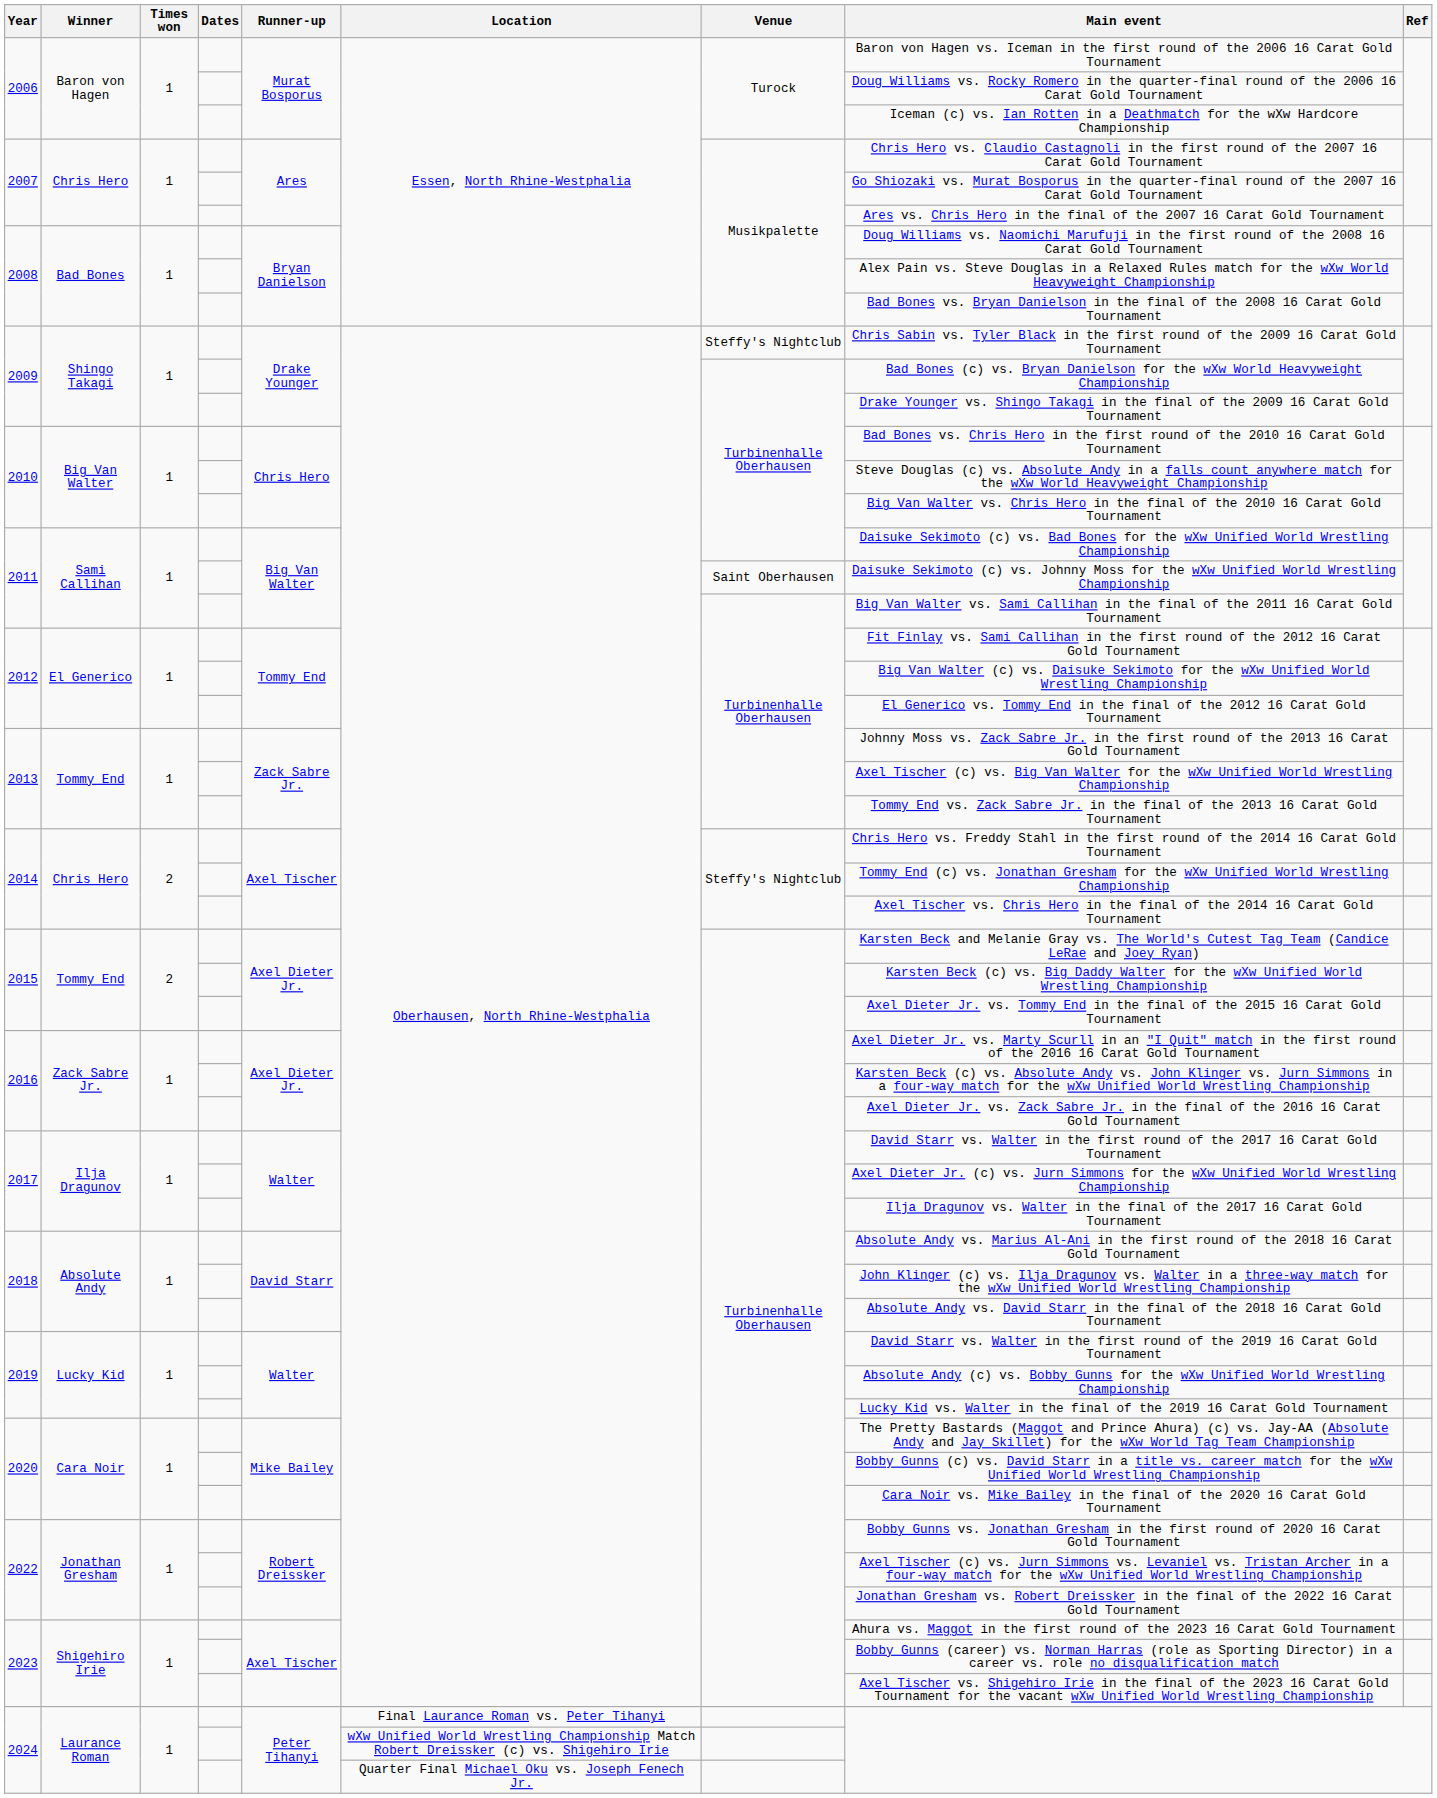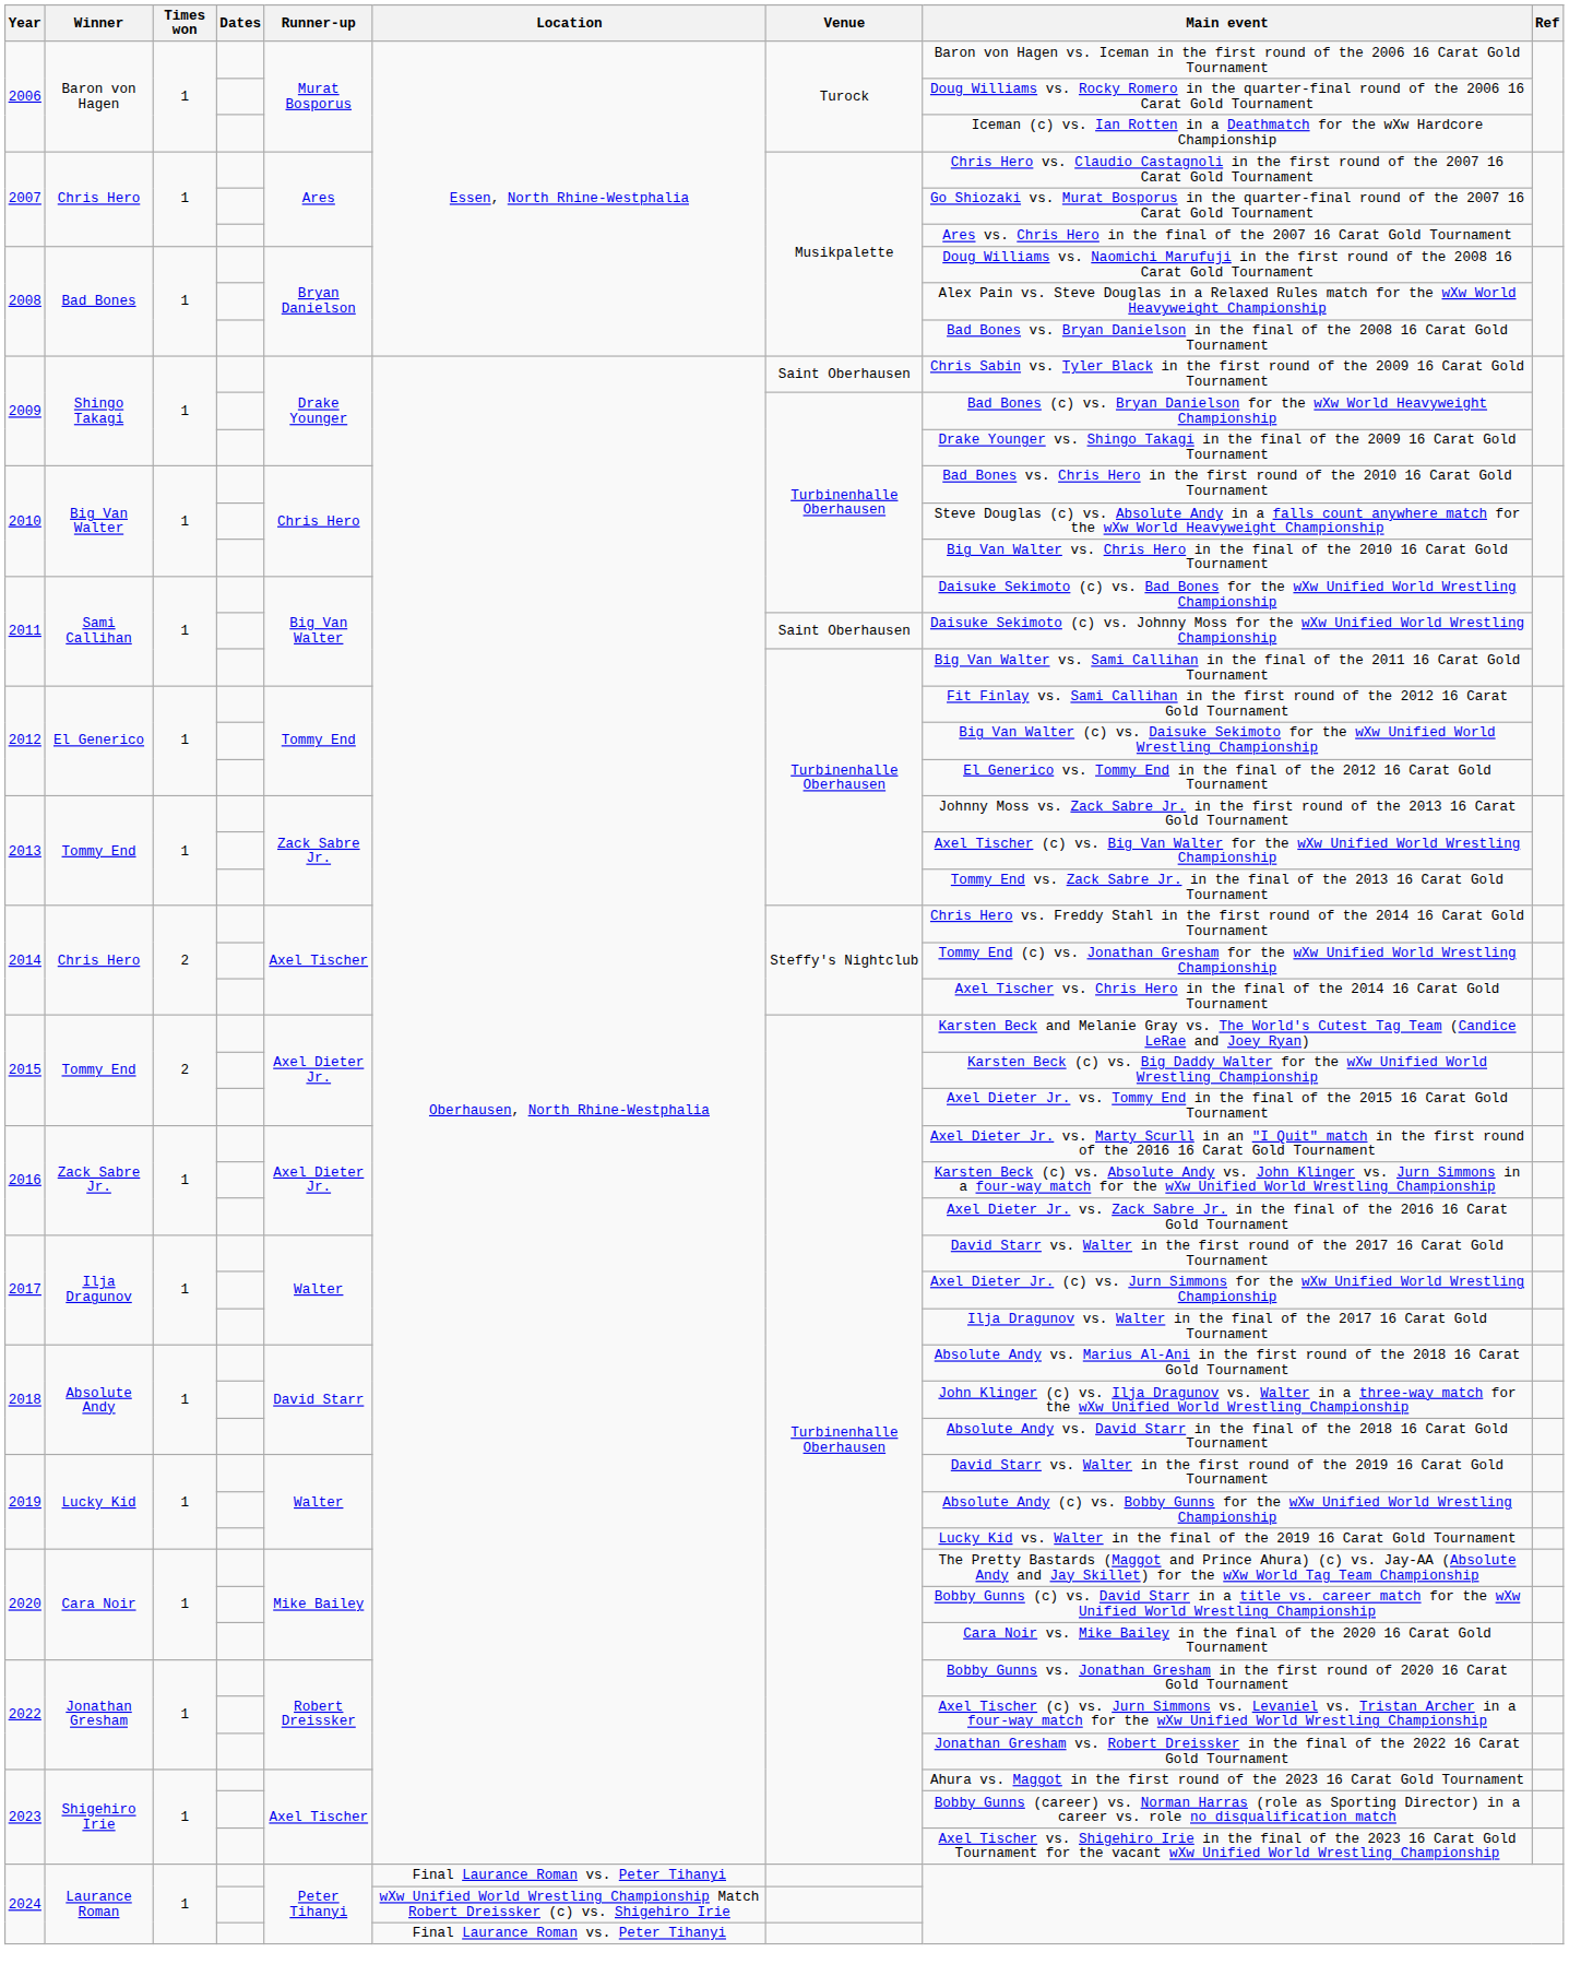 <table class="sortable wikitable succession-box" style="font-size:85%; text-align:center;">
 <tr>
 <th>Year</th>
 <th>Winner</th>
 <th>Times won</th>
 <th>Dates</th>
 <th>Runner-up</th>
 <th>Location</th>
 <th>Venue</th>
 <th>Main event</th>
 <th>Ref</th>
 </tr>
 <tr>
 <td rowspan="3"><a href='#'>2006</a></td>
 <td rowspan="3">Baron von Hagen</td>
 <td rowspan="3">1</td>
 <td></td>
 <td rowspan="3"><a href='#'>Murat Bosporus</a></td>
 <td rowspan="9"><a href='#'>Essen</a>, <a href='#'>North Rhine-Westphalia</a></td>
 <td rowspan="3">Turock</td>
 <td>Baron von Hagen vs. Iceman in the first round of the 2006 16 Carat Gold Tournament</td>
 <td rowspan="3"></td>
 </tr>
 <tr>
 <td></td>
 <td><a href='#'>Doug Williams</a> vs. <a href='#'>Rocky Romero</a> in the quarter-final round of the 2006 16 Carat Gold Tournament</td>
 </tr>
 <tr>
 <td></td>
 <td>Iceman (c) vs. <a href='#'>Ian Rotten</a> in a <a href='#'>Deathmatch</a> for the wXw Hardcore Championship</td>
 </tr>
 <tr>
 <td rowspan="3"><a href='#'>2007</a></td>
 <td rowspan="3"><a href='#'>Chris Hero</a></td>
 <td rowspan="3">1</td>
 <td></td>
 <td rowspan="3"><a href='#'>Ares</a></td>
 <td rowspan="6">Musikpalette</td>
 <td><a href='#'>Chris Hero</a> vs. <a href='#'>Claudio Castagnoli</a> in the first round of the 2007 16 Carat Gold Tournament</td>
 <td rowspan="3"></td>
 </tr>
 <tr>
 <td></td>
 <td><a href='#'>Go Shiozaki</a> vs. <a href='#'>Murat Bosporus</a> in the quarter-final round of the 2007 16 Carat Gold Tournament</td>
 </tr>
 <tr>
 <td></td>
 <td><a href='#'>Ares</a> vs. <a href='#'>Chris Hero</a> in the final of the 2007 16 Carat Gold Tournament</td>
 </tr>
 <tr>
 <td rowspan="3"><a href='#'>2008</a></td>
 <td rowspan="3"><a href='#'>Bad Bones</a></td>
 <td rowspan="3">1</td>
 <td></td>
 <td rowspan="3"><a href='#'>Bryan Danielson</a></td>
 <td><a href='#'>Doug Williams</a> vs. <a href='#'>Naomichi Marufuji</a> in the first round of the 2008 16 Carat Gold Tournament</td>
 <td rowspan="3"></td>
 </tr>
 <tr>
 <td></td>
 <td>Alex Pain vs. Steve Douglas in a Relaxed Rules match for the <a href='#'>wXw World Heavyweight Championship</a></td>
 </tr>
 <tr>
 <td></td>
 <td><a href='#'>Bad Bones</a> vs. <a href='#'>Bryan Danielson</a> in the final of the 2008 16 Carat Gold Tournament</td>
 </tr>
 <tr>
 <td rowspan="3"><a href='#'>2009</a></td>
 <td rowspan="3"><a href='#'>Shingo Takagi</a></td>
 <td rowspan="3">1</td>
 <td></td>
 <td rowspan="3"><a href='#'>Drake Younger</a></td>
 <td rowspan="42"><a href='#'>Oberhausen</a>, <a href='#'>North Rhine-Westphalia</a></td>
-<td>Steffy's Nightclub</td>
+<td>Saint Oberhausen</td>
 <td><a href='#'>Chris Sabin</a> vs. <a href='#'>Tyler Black</a> in the first round of the 2009 16 Carat Gold Tournament</td>
 <td rowspan="3"></td>
 </tr>
 <tr>
 <td></td>
 <td rowspan="6"><a href='#'>Turbinenhalle Oberhausen</a></td>
 <td><a href='#'>Bad Bones</a> (c) vs. <a href='#'>Bryan Danielson</a> for the <a href='#'>wXw World Heavyweight Championship</a></td>
 </tr>
 <tr>
 <td></td>
 <td><a href='#'>Drake Younger</a> vs. <a href='#'>Shingo Takagi</a> in the final of the 2009 16 Carat Gold Tournament</td>
 </tr>
 <tr>
 <td rowspan="3"><a href='#'>2010</a></td>
 <td rowspan="3"><a href='#'>Big Van Walter</a></td>
 <td rowspan="3">1</td>
 <td></td>
 <td rowspan="3"><a href='#'>Chris Hero</a></td>
 <td><a href='#'>Bad Bones</a> vs. <a href='#'>Chris Hero</a> in the first round of the 2010 16 Carat Gold Tournament</td>
 <td rowspan="3"></td>
 </tr>
 <tr>
 <td></td>
 <td>Steve Douglas (c) vs. <a href='#'>Absolute Andy</a> in a <a href='#'>falls count anywhere match</a> for the <a href='#'>wXw World Heavyweight Championship</a></td>
 </tr>
 <tr>
 <td></td>
 <td><a href='#'>Big Van Walter</a> vs. <a href='#'>Chris Hero</a> in the final of the 2010 16 Carat Gold Tournament</td>
 </tr>
 <tr>
 <td rowspan="3"><a href='#'>2011</a></td>
 <td rowspan="3"><a href='#'>Sami Callihan</a></td>
 <td rowspan="3">1</td>
 <td></td>
 <td rowspan="3"><a href='#'>Big Van Walter</a></td>
 <td><a href='#'>Daisuke Sekimoto</a> (c) vs. <a href='#'>Bad Bones</a> for the <a href='#'>wXw Unified World Wrestling Championship</a></td>
 <td rowspan="3"></td>
 </tr>
 <tr>
 <td></td>
 <td>Saint Oberhausen</td>
 <td><a href='#'>Daisuke Sekimoto</a> (c) vs. Johnny Moss for the <a href='#'>wXw Unified World Wrestling Championship</a></td>
 </tr>
 <tr>
 <td></td>
 <td rowspan="7"><a href='#'>Turbinenhalle Oberhausen</a></td>
 <td><a href='#'>Big Van Walter</a> vs. <a href='#'>Sami Callihan</a> in the final of the 2011 16 Carat Gold Tournament</td>
 </tr>
 <tr>
 <td rowspan="3"><a href='#'>2012</a></td>
 <td rowspan="3"><a href='#'>El Generico</a></td>
 <td rowspan="3">1</td>
 <td></td>
 <td rowspan="3"><a href='#'>Tommy End</a></td>
 <td><a href='#'>Fit Finlay</a> vs. <a href='#'>Sami Callihan</a> in the first round of the 2012 16 Carat Gold Tournament</td>
 <td rowspan="3"></td>
 </tr>
 <tr>
 <td></td>
 <td><a href='#'>Big Van Walter</a> (c) vs. <a href='#'>Daisuke Sekimoto</a> for the <a href='#'>wXw Unified World Wrestling Championship</a></td>
 </tr>
 <tr>
 <td></td>
 <td><a href='#'>El Generico</a> vs. <a href='#'>Tommy End</a> in the final of the 2012 16 Carat Gold Tournament</td>
 </tr>
 <tr>
 <td rowspan="3"><a href='#'>2013</a></td>
 <td rowspan="3"><a href='#'>Tommy End</a></td>
 <td rowspan="3">1</td>
 <td></td>
 <td rowspan="3"><a href='#'>Zack Sabre Jr.</a></td>
 <td>Johnny Moss vs. <a href='#'>Zack Sabre Jr.</a> in the first round of the 2013 16 Carat Gold Tournament</td>
 <td rowspan="3"></td>
 </tr>
 <tr>
 <td></td>
 <td><a href='#'>Axel Tischer</a> (c) vs. <a href='#'>Big Van Walter</a> for the <a href='#'>wXw Unified World Wrestling Championship</a></td>
 </tr>
 <tr>
 <td></td>
 <td><a href='#'>Tommy End</a> vs. <a href='#'>Zack Sabre Jr.</a> in the final of the 2013 16 Carat Gold Tournament</td>
 </tr>
 <tr>
 <td rowspan="3"><a href='#'>2014</a></td>
 <td rowspan="3"><a href='#'>Chris Hero</a></td>
 <td rowspan="3">2</td>
 <td></td>
 <td rowspan="3"><a href='#'>Axel Tischer</a></td>
 <td rowspan="3">Steffy's Nightclub</td>
 <td><a href='#'>Chris Hero</a> vs. Freddy Stahl in the first round of the 2014 16 Carat Gold Tournament</td>
 <td></td>
 </tr>
 <tr>
 <td></td>
 <td><a href='#'>Tommy End</a> (c) vs. <a href='#'>Jonathan Gresham</a> for the <a href='#'>wXw Unified World Wrestling Championship</a></td>
 <td></td>
 </tr>
 <tr>
 <td></td>
 <td><a href='#'>Axel Tischer</a> vs. <a href='#'>Chris Hero</a> in the final of the 2014 16 Carat Gold Tournament</td>
 <td></td>
 </tr>
 <tr>
 <td rowspan="3"><a href='#'>2015</a></td>
 <td rowspan="3"><a href='#'>Tommy End</a></td>
 <td rowspan="3">2</td>
 <td></td>
 <td rowspan="3"><a href='#'>Axel Dieter Jr.</a></td>
 <td rowspan="24"><a href='#'>Turbinenhalle Oberhausen</a></td>
 <td><a href='#'>Karsten Beck</a> and Melanie Gray vs. <a href='#'>The World's Cutest Tag Team</a> (<a href='#'>Candice LeRae</a> and <a href='#'>Joey Ryan</a>)</td>
 <td></td>
 </tr>
 <tr>
 <td></td>
 <td><a href='#'>Karsten Beck</a> (c) vs. <a href='#'>Big Daddy Walter</a> for the <a href='#'>wXw Unified World Wrestling Championship</a></td>
 <td></td>
 </tr>
 <tr>
 <td></td>
 <td><a href='#'>Axel Dieter Jr.</a> vs. <a href='#'>Tommy End</a> in the final of the 2015 16 Carat Gold Tournament</td>
 <td></td>
 </tr>
 <tr>
 <td rowspan="3"><a href='#'>2016</a></td>
 <td rowspan="3"><a href='#'>Zack Sabre Jr.</a></td>
 <td rowspan="3">1</td>
 <td></td>
 <td rowspan="3"><a href='#'>Axel Dieter Jr.</a></td>
 <td><a href='#'>Axel Dieter Jr.</a> vs. <a href='#'>Marty Scurll</a> in an <a href='#'>"I Quit" match</a> in the first round of the 2016 16 Carat Gold Tournament</td>
 <td></td>
 </tr>
 <tr>
 <td></td>
 <td><a href='#'>Karsten Beck</a> (c) vs. <a href='#'>Absolute Andy</a> vs. <a href='#'>John Klinger</a> vs. <a href='#'>Jurn Simmons</a> in a <a href='#'>four-way match</a> for the <a href='#'>wXw Unified World Wrestling Championship</a></td>
 <td></td>
 </tr>
 <tr>
 <td></td>
 <td><a href='#'>Axel Dieter Jr.</a> vs. <a href='#'>Zack Sabre Jr.</a> in the final of the 2016 16 Carat Gold Tournament</td>
 <td></td>
 </tr>
 <tr>
 <td rowspan="3"><a href='#'>2017</a></td>
 <td rowspan="3"><a href='#'>Ilja Dragunov</a></td>
 <td rowspan="3">1</td>
 <td></td>
 <td rowspan="3"><a href='#'>Walter</a></td>
 <td><a href='#'>David Starr</a> vs. <a href='#'>Walter</a> in the first round of the 2017 16 Carat Gold Tournament</td>
 <td></td>
 </tr>
 <tr>
 <td></td>
 <td><a href='#'>Axel Dieter Jr.</a> (c) vs. <a href='#'>Jurn Simmons</a> for the <a href='#'>wXw Unified World Wrestling Championship</a></td>
 <td></td>
 </tr>
 <tr>
 <td></td>
 <td><a href='#'>Ilja Dragunov</a> vs. <a href='#'>Walter</a> in the final of the 2017 16 Carat Gold Tournament</td>
 <td></td>
 </tr>
 <tr>
 <td rowspan="3"><a href='#'>2018</a></td>
 <td rowspan="3"><a href='#'>Absolute Andy</a></td>
 <td rowspan="3">1</td>
 <td></td>
 <td rowspan="3"><a href='#'>David Starr</a></td>
 <td><a href='#'>Absolute Andy</a> vs. <a href='#'>Marius Al-Ani</a> in the first round of the 2018 16 Carat Gold Tournament</td>
 <td></td>
 </tr>
 <tr>
 <td></td>
 <td><a href='#'>John Klinger</a> (c) vs. <a href='#'>Ilja Dragunov</a> vs. <a href='#'>Walter</a> in a <a href='#'>three-way match</a> for the <a href='#'>wXw Unified World Wrestling Championship</a></td>
 <td></td>
 </tr>
 <tr>
 <td></td>
 <td><a href='#'>Absolute Andy</a> vs. <a href='#'>David Starr</a> in the final of the 2018 16 Carat Gold Tournament</td>
 <td></td>
 </tr>
 <tr>
 <td rowspan="3"><a href='#'>2019</a></td>
 <td rowspan="3"><a href='#'>Lucky Kid</a></td>
 <td rowspan="3">1</td>
 <td></td>
 <td rowspan="3"><a href='#'>Walter</a></td>
 <td><a href='#'>David Starr</a> vs. <a href='#'>Walter</a> in the first round of the 2019 16 Carat Gold Tournament</td>
 <td></td>
 </tr>
 <tr>
 <td></td>
 <td><a href='#'>Absolute Andy</a> (c) vs. <a href='#'>Bobby Gunns</a> for the <a href='#'>wXw Unified World Wrestling Championship</a></td>
 <td></td>
 </tr>
 <tr>
 <td></td>
 <td><a href='#'>Lucky Kid</a> vs. <a href='#'>Walter</a> in the final of the 2019 16 Carat Gold Tournament</td>
 <td></td>
 </tr>
 <tr>
 <td rowspan="3"><a href='#'>2020</a></td>
 <td rowspan="3"><a href='#'>Cara Noir</a></td>
 <td rowspan="3">1</td>
 <td></td>
 <td rowspan="3"><a href='#'>Mike Bailey</a></td>
 <td>The Pretty Bastards (<a href='#'>Maggot</a> and Prince Ahura) (c) vs. Jay-AA (<a href='#'>Absolute Andy</a> and <a href='#'>Jay Skillet</a>) for the <a href='#'>wXw World Tag Team Championship</a></td>
 <td></td>
 </tr>
 <tr>
 <td></td>
 <td><a href='#'>Bobby Gunns</a> (c) vs. <a href='#'>David Starr</a> in a <a href='#'>title vs. career match</a> for the <a href='#'>wXw Unified World Wrestling Championship</a></td>
 <td></td>
 </tr>
 <tr>
 <td></td>
 <td><a href='#'>Cara Noir</a> vs. <a href='#'>Mike Bailey</a> in the final of the 2020 16 Carat Gold Tournament</td>
 <td></td>
 </tr>
 <tr>
 <td rowspan="3"><a href='#'>2022</a></td>
 <td rowspan="3"><a href='#'>Jonathan Gresham</a></td>
 <td rowspan="3">1</td>
 <td></td>
 <td rowspan="3"><a href='#'>Robert Dreissker</a></td>
 <td><a href='#'>Bobby Gunns</a> vs. <a href='#'>Jonathan Gresham</a> in the first round of 2020 16 Carat Gold Tournament</td>
 <td></td>
 </tr>
 <tr>
 <td></td>
 <td><a href='#'>Axel Tischer</a> (c) vs. <a href='#'>Jurn Simmons</a> vs. <a href='#'>Levaniel</a> vs. <a href='#'>Tristan Archer</a> in a <a href='#'>four-way match</a> for the <a href='#'>wXw Unified World Wrestling Championship</a></td>
 <td></td>
 </tr>
 <tr>
 <td></td>
 <td><a href='#'>Jonathan Gresham</a> vs. <a href='#'>Robert Dreissker</a> in the final of the 2022 16 Carat Gold Tournament</td>
 <td></td>
 </tr>
 <tr>
 <td rowspan="3"><a href='#'>2023</a></td>
 <td rowspan="3"><a href='#'>Shigehiro Irie</a></td>
 <td rowspan="3">1</td>
 <td></td>
 <td rowspan="3"><a href='#'>Axel Tischer</a></td>
 <td>Ahura vs. <a href='#'>Maggot</a> in the first round of the 2023 16 Carat Gold Tournament</td>
 <td></td>
 </tr>
 <tr>
 <td></td>
 <td><a href='#'>Bobby Gunns</a> (career) vs. <a href='#'>Norman Harras</a> (role as Sporting Director) in a career vs. role <a href='#'>no disqualification match</a></td>
 <td></td>
 </tr>
 <tr>
 <td></td>
 <td><a href='#'>Axel Tischer</a> vs. <a href='#'>Shigehiro Irie</a> in the final of the 2023 16 Carat Gold Tournament for the vacant <a href='#'>wXw Unified World Wrestling Championship</a></td>
 <td></td>
 </tr>
 <tr>
 <td rowspan="3"><a href='#'>2024</a></td>
 <td rowspan="3"><a href='#'>Laurance Roman</a></td>
 <td rowspan="3">1</td>
 <td></td>
 <td rowspan="3"><a href='#'>Peter Tihanyi</a></td>
 <td>Final <a href='#'>Laurance Roman</a> vs. <a href='#'>Peter Tihanyi</a></td>
 <td></td>
 </tr>
 <tr>
 <td></td>
 <td><a href='#'>wXw Unified World Wrestling Championship</a> Match <a href='#'>Robert Dreissker</a> (c) vs. <a href='#'>Shigehiro Irie</a></td>
 <td></td>
 </tr>
 <tr>
 <td></td>
-<td>Quarter Final <a href='#'>Michael Oku</a> vs. <a href='#'>Joseph Fenech Jr.</a></td>
+<td>Final <a href='#'>Laurance Roman</a> vs. <a href='#'>Peter Tihanyi</a></td>
 <td></td>
 </tr>
 </table>
